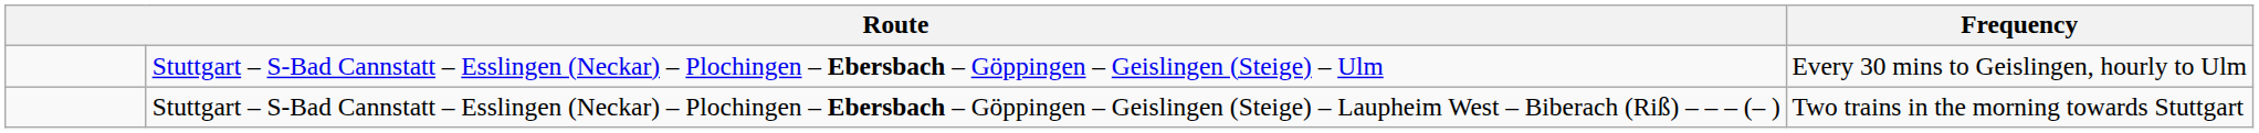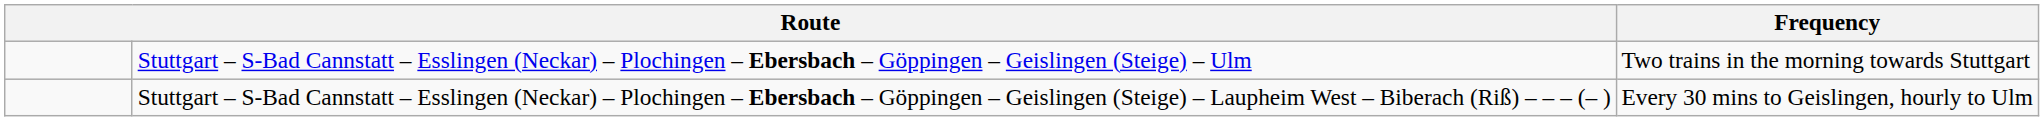 <table class="wikitable">
 <tr>
 <th colspan="2">Route</th>
 <th>Frequency</th>
 </tr>
 <tr>
 <td align="center" style="width:5em"></td>
 <td><a href='#'>Stuttgart</a> – <a href='#'>S-Bad Cannstatt</a> – <a href='#'>Esslingen (Neckar)</a> – <a href='#'>Plochingen</a> – <strong>Ebersbach</strong> – <a href='#'>Göppingen</a> – <a href='#'>Geislingen (Steige)</a> – <a href='#'>Ulm</a></td>
-<td>Every 30 mins to Geislingen, hourly to Ulm</td>
+<td>Two trains in the morning towards Stuttgart</td>
 </tr>
 <tr>
 <td align="center"></td>
 <td>Stuttgart – S-Bad Cannstatt – Esslingen (Neckar) – Plochingen – <strong>Ebersbach</strong> – Göppingen – Geislingen (Steige) – Laupheim West – Biberach (Riß) –  –  –  (– )</td>
-<td>Two trains in the morning towards Stuttgart</td>
+<td>Every 30 mins to Geislingen, hourly to Ulm</td>
 </tr>
 </table>
